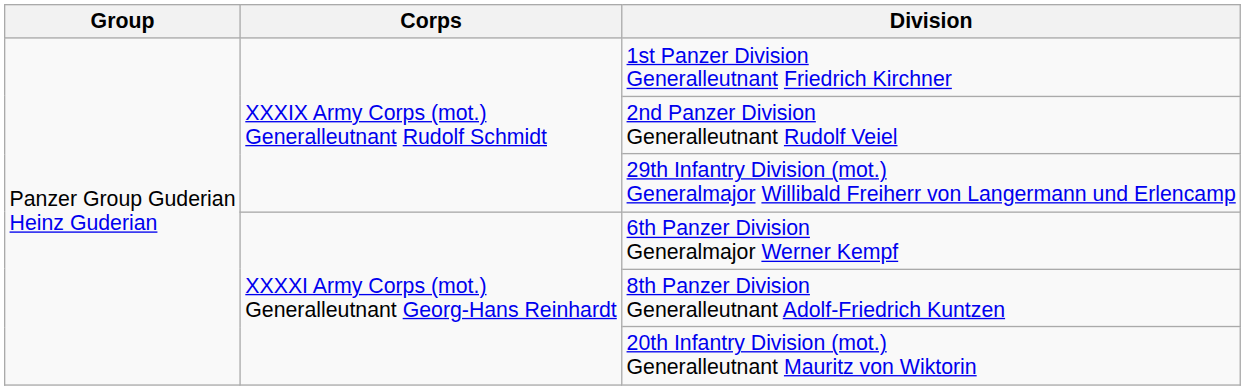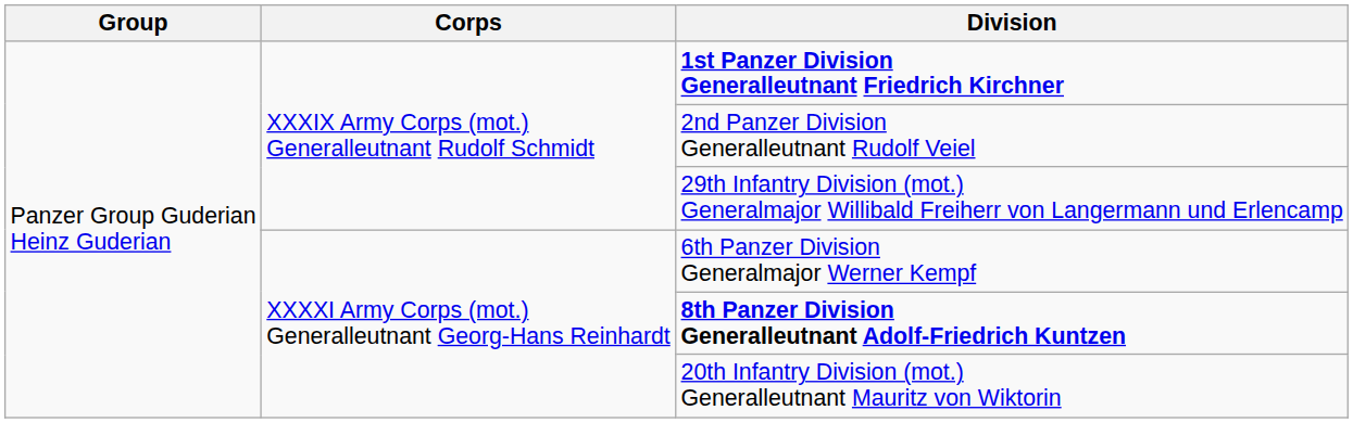 <table class="wikitable" style=text-align: center;>
 <tr>
 <th>Group</th>
 <th>Corps</th>
 <th>Division</th>
 </tr>
 <tr>
 <td ROWSPAN=6>Panzer Group Guderian<br> <a href='#'>Heinz Guderian</a></td>
 <td ROWSPAN=3><a href='#'>XXXIX Army Corps (mot.)</a><br><a href='#'>Generalleutnant</a> <a href='#'>Rudolf Schmidt</a></td>
-<td><a href='#'>1st Panzer Division</a><br><a href='#'>Generalleutnant</a> <a href='#'>Friedrich Kirchner</a></td>
+<td><strong><a href='#'>1st Panzer Division</a><br><a href='#'>Generalleutnant</a> <a href='#'>Friedrich Kirchner</a></strong></td>
 </tr>
 <tr>
 <td><a href='#'>2nd Panzer Division</a><br>Generalleutnant <a href='#'>Rudolf Veiel</a></td>
 </tr>
 <tr>
 <td><a href='#'>29th Infantry Division (mot.)</a><br><a href='#'>Generalmajor</a> <a href='#'>Willibald Freiherr von Langermann und Erlencamp</a></td>
 </tr>
 <tr>
 <td ROWSPAN=3><a href='#'>XXXXI Army Corps (mot.)</a><br>Generalleutnant <a href='#'>Georg-Hans Reinhardt</a></td>
 <td><a href='#'>6th Panzer Division</a><br>Generalmajor <a href='#'>Werner Kempf</a></td>
 </tr>
 <tr>
-<td><a href='#'>8th Panzer Division</a><br>Generalleutnant <a href='#'>Adolf-Friedrich Kuntzen</a></td>
+<td><strong><a href='#'>8th Panzer Division</a><br>Generalleutnant <a href='#'>Adolf-Friedrich Kuntzen</a></strong></td>
 </tr>
 <tr>
 <td><a href='#'>20th Infantry Division (mot.)</a><br>Generalleutnant <a href='#'>Mauritz von Wiktorin</a></td>
 </tr>
 </table>
